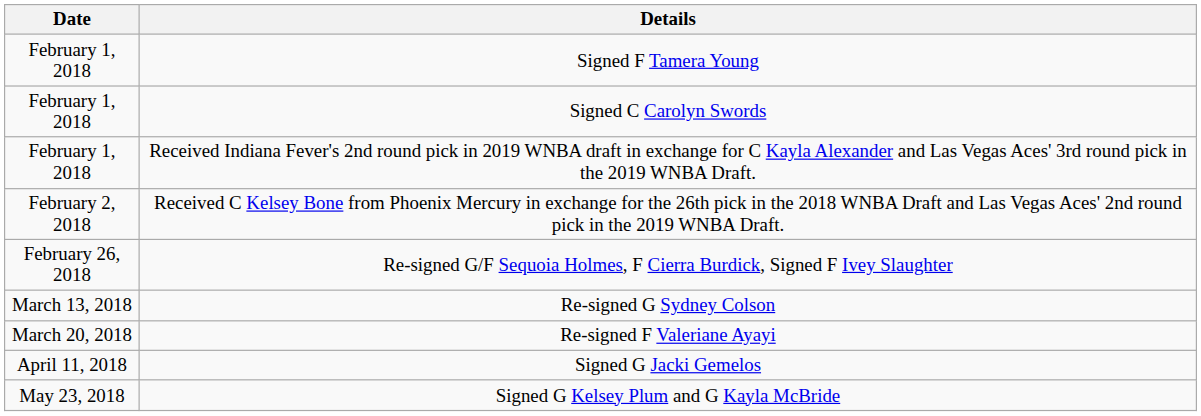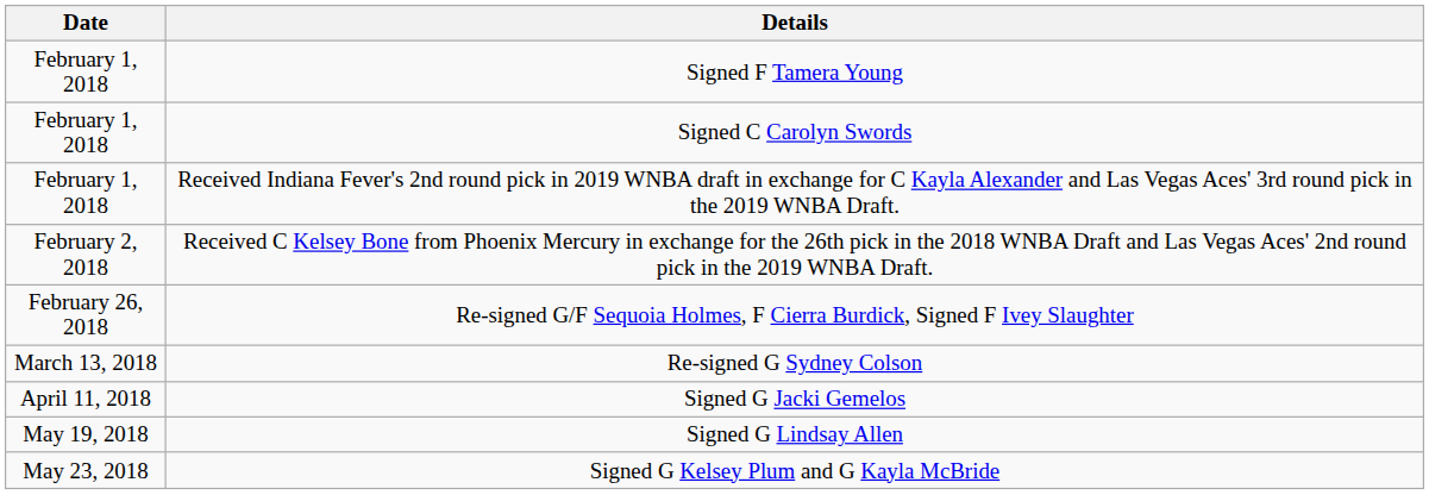 <table class="wikitable" style="width:80%; text-align:center;">
 <tr>
 <th>Date</th>
 <th>Details</th>
 </tr>
 <tr>
 <td>February 1, 2018</td>
 <td>Signed F <a href='#'>Tamera Young</a></td>
 </tr>
 <tr>
 <td>February 1, 2018</td>
 <td>Signed C <a href='#'>Carolyn Swords</a></td>
 </tr>
 <tr>
 <td>February 1, 2018</td>
 <td>Received Indiana Fever's 2nd round pick in 2019 WNBA draft in exchange for C <a href='#'>Kayla Alexander</a> and Las Vegas Aces' 3rd round pick in the 2019 WNBA Draft.</td>
 </tr>
 <tr>
 <td>February 2, 2018</td>
 <td>Received C <a href='#'>Kelsey Bone</a> from Phoenix Mercury in exchange for the 26th pick in the 2018 WNBA Draft and Las Vegas Aces' 2nd round pick in the 2019 WNBA Draft.</td>
 </tr>
 <tr>
 <td>February 26, 2018</td>
 <td>Re-signed G/F <a href='#'>Sequoia Holmes</a>, F <a href='#'>Cierra Burdick</a>, Signed F <a href='#'>Ivey Slaughter</a></td>
 </tr>
 <tr>
 <td>March 13, 2018</td>
 <td>Re-signed G <a href='#'>Sydney Colson</a></td>
 </tr>
 <tr>
-<td>March 20, 2018</td>
-<td>Re-signed F <a href='#'>Valeriane Ayayi</a></td>
+<td>April 11, 2018</td>
+<td>Signed G <a href='#'>Jacki Gemelos</a></td>
 </tr>
 <tr>
-<td>April 11, 2018</td>
-<td>Signed G <a href='#'>Jacki Gemelos</a></td>
+<td>May 19, 2018</td>
+<td>Signed G <a href='#'>Lindsay Allen</a></td>
 </tr>
 <tr>
 <td>May 23, 2018</td>
 <td>Signed G <a href='#'>Kelsey Plum</a> and G <a href='#'>Kayla McBride</a></td>
 </tr>
 </table>
